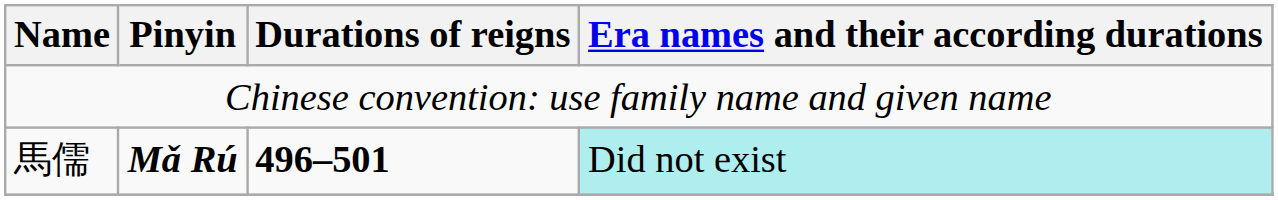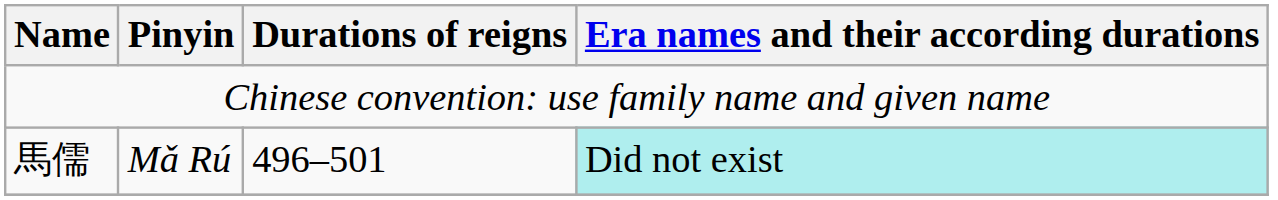 <table class="wikitable">
 <tr>
 <th>Name</th>
 <th>Pinyin</th>
 <th>Durations of reigns</th>
 <th><a href='#'>Era names</a> and their according durations</th>
 </tr>
 <tr>
 <td colspan="5" style="text-align:center;"><em>Chinese convention:  use family name and given name</em></td>
 </tr>
 <tr>
 <td>馬儒</td>
-<td><strong><em>Mǎ Rú</em></strong></td>
-<td><strong>496–501</strong></td>
+<td><em>Mǎ Rú</em></td>
+<td>496–501</td>
 <td style="background: paleturquoise;">Did not exist</td>
 </tr>
 <tr>
 </tr>
 </table>
